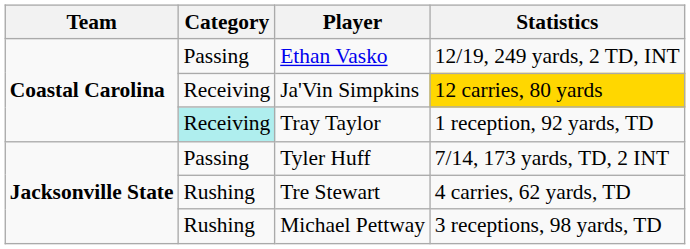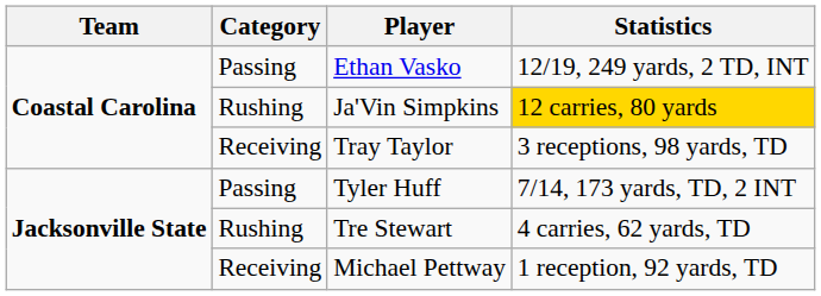 <table class="wikitable" style="float: right;">
 <tr>
 <th>Team</th>
 <th>Category</th>
 <th>Player</th>
 <th>Statistics</th>
 </tr>
 <tr>
 <td rowspan=3><strong>Coastal Carolina</strong></td>
 <td>Passing</td>
 <td><a href='#'>Ethan Vasko</a></td>
 <td>12/19, 249 yards, 2 TD, INT</td>
 </tr>
 <tr>
-<td>Receiving</td>
+<td>Rushing</td>
 <td>Ja'Vin Simpkins</td>
 <td style="background: gold;">12 carries, 80 yards</td>
 </tr>
 <tr>
-<td style="background: paleturquoise;">Receiving</td>
+<td>Receiving</td>
 <td>Tray Taylor</td>
-<td>1 reception, 92 yards, TD</td>
+<td>3 receptions, 98 yards, TD</td>
 </tr>
 <tr>
 <td rowspan=3><strong>Jacksonville State</strong></td>
 <td>Passing</td>
 <td>Tyler Huff</td>
 <td>7/14, 173 yards, TD, 2 INT</td>
 </tr>
 <tr>
 <td>Rushing</td>
 <td>Tre Stewart</td>
 <td>4 carries, 62 yards, TD</td>
 </tr>
 <tr>
-<td>Rushing</td>
+<td>Receiving</td>
 <td>Michael Pettway</td>
-<td>3 receptions, 98 yards, TD</td>
+<td>1 reception, 92 yards, TD</td>
 </tr>
 </table>
